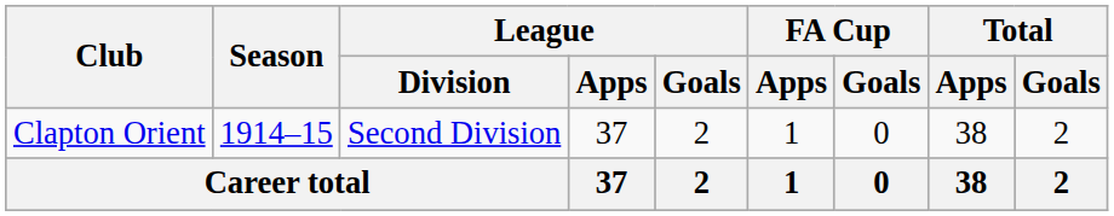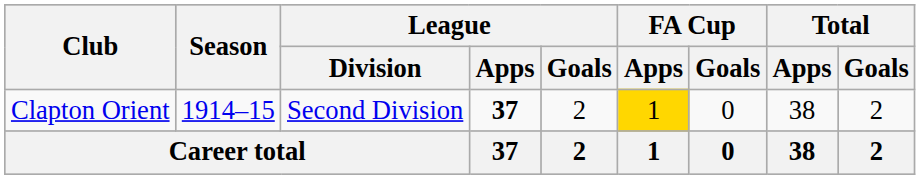 <table class="wikitable" style="text-align: center;">
 <tr>
 <th rowspan="2">Club</th>
 <th rowspan="2">Season</th>
 <th colspan="3">League</th>
 <th colspan="2">FA Cup</th>
 <th colspan="2">Total</th>
 </tr>
 <tr>
 <th>Division</th>
 <th>Apps</th>
 <th>Goals</th>
 <th>Apps</th>
 <th>Goals</th>
 <th>Apps</th>
 <th>Goals</th>
 </tr>
 <tr>
 <td><a href='#'>Clapton Orient</a></td>
 <td><a href='#'>1914–15</a></td>
 <td><a href='#'>Second Division</a></td>
-<td>37</td>
+<td><strong>37</strong></td>
 <td>2</td>
-<td>1</td>
+<td style="background: gold;">1</td>
 <td>0</td>
 <td>38</td>
 <td>2</td>
 </tr>
 <tr>
 <th colspan="3">Career total</th>
 <th>37</th>
 <th>2</th>
 <th>1</th>
 <th>0</th>
 <th>38</th>
 <th>2</th>
 </tr>
 </table>
